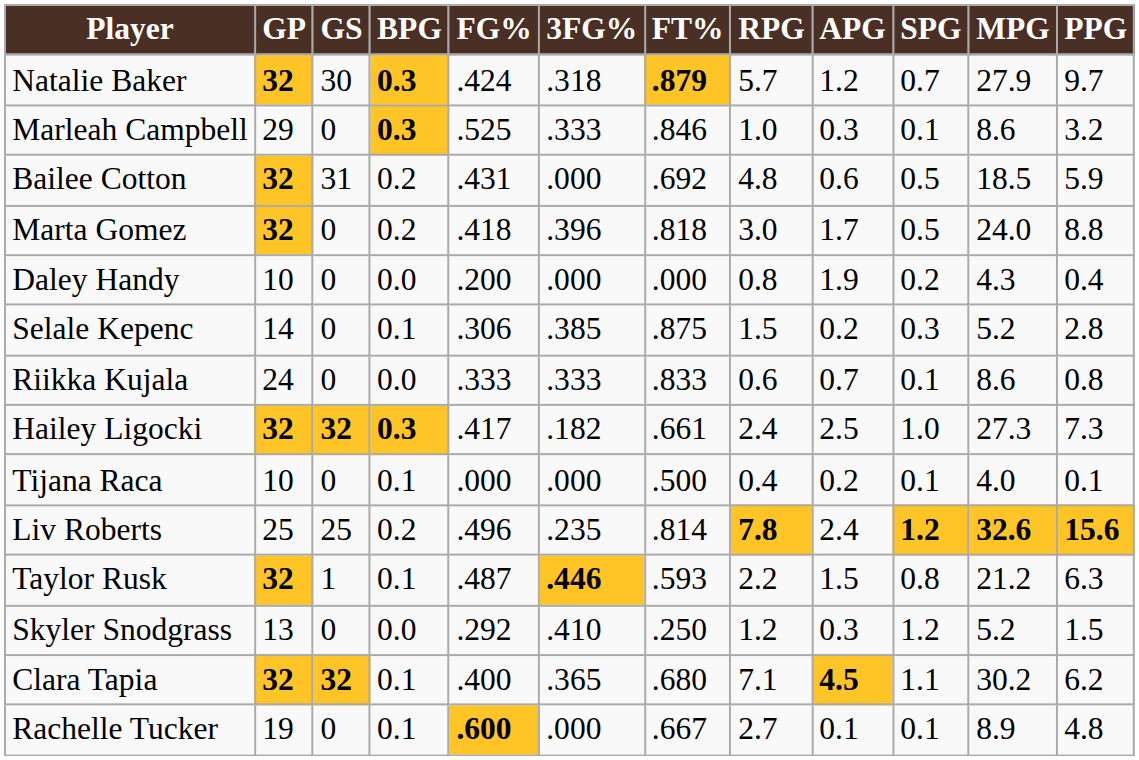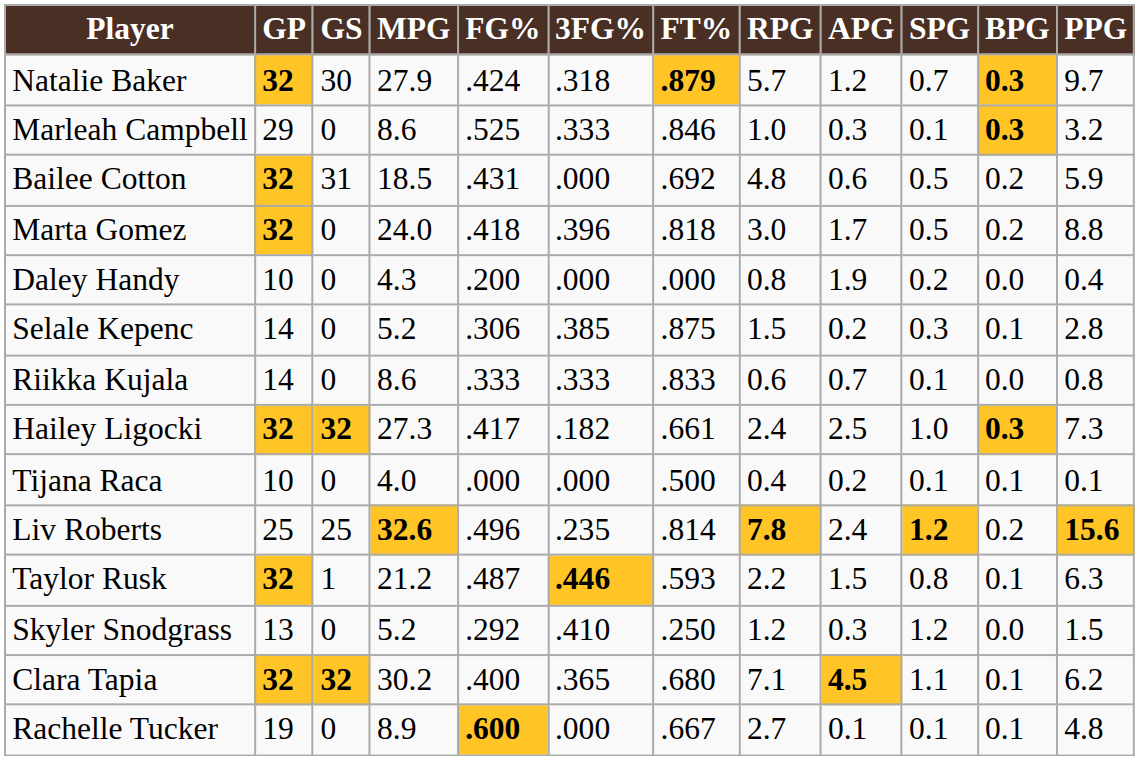 <table class="wikitable sortable">
 <tr>
 <th style="background:#492f24; color:white">Player</th>
 <th style="background:#492f24; color:white">GP</th>
 <th style="background:#492f24; color:white">GS</th>
-<th style="background:#492f24; color:white;">BPG</th>
+<th style="background:#492f24; color:white">MPG</th>
 <th style="background:#492f24; color:white">FG%</th>
 <th style="background:#492f24; color:white">3FG%</th>
 <th style="background:#492f24; color:white">FT%</th>
 <th style="background:#492f24; color:white;">RPG</th>
 <th style="background:#492f24; color:white;">APG</th>
 <th style="background:#492f24; color:white;">SPG</th>
-<th style="background:#492f24; color:white">MPG</th>
+<th style="background:#492f24; color:white;">BPG</th>
 <th style="background:#492f24; color:white;">PPG</th>
 </tr>
 <tr>
 <td>Natalie Baker</td>
 <td style="background:#ffc425"><strong>32</strong></td>
 <td>30</td>
-<td style="background:#ffc425"><strong>0.3</strong></td>
+<td>27.9</td>
 <td>.424</td>
 <td>.318</td>
 <td style="background:#ffc425"><strong>.879</strong></td>
 <td>5.7</td>
 <td>1.2</td>
 <td>0.7</td>
-<td>27.9</td>
+<td style="background:#ffc425"><strong>0.3</strong></td>
 <td>9.7</td>
 </tr>
 <tr>
 <td>Marleah Campbell</td>
 <td>29</td>
 <td>0</td>
-<td style="background:#ffc425"><strong>0.3</strong></td>
+<td>8.6</td>
 <td>.525</td>
 <td>.333</td>
 <td>.846</td>
 <td>1.0</td>
 <td>0.3</td>
 <td>0.1</td>
-<td>8.6</td>
+<td style="background:#ffc425"><strong>0.3</strong></td>
 <td>3.2</td>
 </tr>
 <tr>
 <td>Bailee Cotton</td>
 <td style="background:#ffc425"><strong>32</strong></td>
 <td>31</td>
-<td>0.2</td>
+<td>18.5</td>
 <td>.431</td>
 <td>.000</td>
 <td>.692</td>
 <td>4.8</td>
 <td>0.6</td>
 <td>0.5</td>
-<td>18.5</td>
+<td>0.2</td>
 <td>5.9</td>
 </tr>
 <tr>
 <td>Marta Gomez</td>
 <td style="background:#ffc425"><strong>32</strong></td>
 <td>0</td>
-<td>0.2</td>
+<td>24.0</td>
 <td>.418</td>
 <td>.396</td>
 <td>.818</td>
 <td>3.0</td>
 <td>1.7</td>
 <td>0.5</td>
-<td>24.0</td>
+<td>0.2</td>
 <td>8.8</td>
 </tr>
 <tr>
 <td>Daley Handy</td>
 <td>10</td>
 <td>0</td>
-<td>0.0</td>
+<td>4.3</td>
 <td>.200</td>
 <td>.000</td>
 <td>.000</td>
 <td>0.8</td>
 <td>1.9</td>
 <td>0.2</td>
-<td>4.3</td>
+<td>0.0</td>
 <td>0.4</td>
 </tr>
 <tr>
 <td>Selale Kepenc</td>
 <td>14</td>
 <td>0</td>
-<td>0.1</td>
+<td>5.2</td>
 <td>.306</td>
 <td>.385</td>
 <td>.875</td>
 <td>1.5</td>
 <td>0.2</td>
 <td>0.3</td>
-<td>5.2</td>
+<td>0.1</td>
 <td>2.8</td>
 </tr>
 <tr>
 <td>Riikka Kujala</td>
-<td>24</td>
+<td>14</td>
 <td>0</td>
-<td>0.0</td>
+<td>8.6</td>
 <td>.333</td>
 <td>.333</td>
 <td>.833</td>
 <td>0.6</td>
 <td>0.7</td>
 <td>0.1</td>
-<td>8.6</td>
+<td>0.0</td>
 <td>0.8</td>
 </tr>
 <tr>
 <td>Hailey Ligocki</td>
 <td style="background:#ffc425"><strong>32</strong></td>
 <td style="background:#ffc425"><strong>32</strong></td>
-<td style="background:#ffc425"><strong>0.3</strong></td>
+<td>27.3</td>
 <td>.417</td>
 <td>.182</td>
 <td>.661</td>
 <td>2.4</td>
 <td>2.5</td>
 <td>1.0</td>
-<td>27.3</td>
+<td style="background:#ffc425"><strong>0.3</strong></td>
 <td>7.3</td>
 </tr>
 <tr>
 <td>Tijana Raca</td>
 <td>10</td>
 <td>0</td>
-<td>0.1</td>
+<td>4.0</td>
 <td>.000</td>
 <td>.000</td>
 <td>.500</td>
 <td>0.4</td>
 <td>0.2</td>
 <td>0.1</td>
-<td>4.0</td>
+<td>0.1</td>
 <td>0.1</td>
 </tr>
 <tr>
 <td>Liv Roberts</td>
 <td>25</td>
 <td>25</td>
-<td>0.2</td>
+<td style="background:#ffc425"><strong>32.6</strong></td>
 <td>.496</td>
 <td>.235</td>
 <td>.814</td>
 <td style="background:#ffc425"><strong>7.8</strong></td>
 <td>2.4</td>
 <td style="background:#ffc425"><strong>1.2</strong></td>
-<td style="background:#ffc425"><strong>32.6</strong></td>
+<td>0.2</td>
 <td style="background:#ffc425"><strong>15.6</strong></td>
 </tr>
 <tr>
 <td>Taylor Rusk</td>
 <td style="background:#ffc425"><strong>32</strong></td>
 <td>1</td>
-<td>0.1</td>
+<td>21.2</td>
 <td>.487</td>
 <td style="background:#ffc425"><strong>.446</strong></td>
 <td>.593</td>
 <td>2.2</td>
 <td>1.5</td>
 <td>0.8</td>
-<td>21.2</td>
+<td>0.1</td>
 <td>6.3</td>
 </tr>
 <tr>
 <td>Skyler Snodgrass</td>
 <td>13</td>
 <td>0</td>
-<td>0.0</td>
+<td>5.2</td>
 <td>.292</td>
 <td>.410</td>
 <td>.250</td>
 <td>1.2</td>
 <td>0.3</td>
 <td>1.2</td>
-<td>5.2</td>
+<td>0.0</td>
 <td>1.5</td>
 </tr>
 <tr>
 <td>Clara Tapia</td>
 <td style="background:#ffc425"><strong>32</strong></td>
 <td style="background:#ffc425"><strong>32</strong></td>
-<td>0.1</td>
+<td>30.2</td>
 <td>.400</td>
 <td>.365</td>
 <td>.680</td>
 <td>7.1</td>
 <td style="background:#ffc425"><strong>4.5</strong></td>
 <td>1.1</td>
-<td>30.2</td>
+<td>0.1</td>
 <td>6.2</td>
 </tr>
 <tr>
 <td>Rachelle Tucker</td>
 <td>19</td>
 <td>0</td>
-<td>0.1</td>
+<td>8.9</td>
 <td style="background:#ffc425"><strong>.600</strong></td>
 <td>.000</td>
 <td>.667</td>
 <td>2.7</td>
 <td>0.1</td>
 <td>0.1</td>
-<td>8.9</td>
+<td>0.1</td>
 <td>4.8</td>
 </tr>
 </table>
